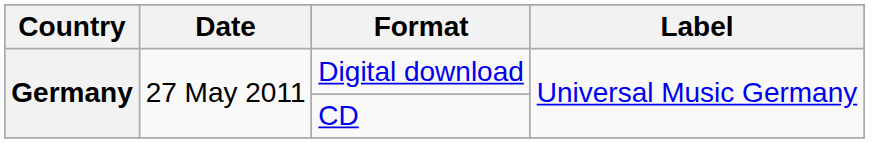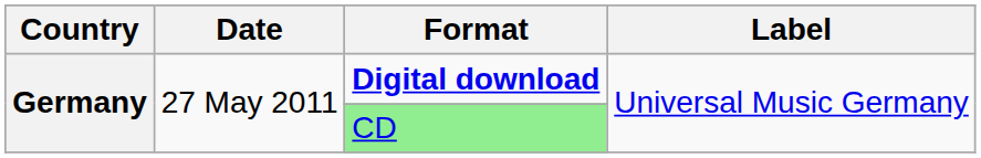 <table class="wikitable plainrowheaders">
 <tr>
 <th scope="col">Country</th>
 <th scope="col">Date</th>
 <th scope="col">Format</th>
 <th scope="col">Label</th>
 </tr>
 <tr>
 <th scope="row" rowspan="2">Germany</th>
 <td rowspan="2">27 May 2011</td>
-<td><a href='#'>Digital download</a></td>
+<td><strong><a href='#'>Digital download</a></strong></td>
 <td rowspan="2"><a href='#'>Universal Music Germany</a></td>
 </tr>
 <tr>
-<td><a href='#'>CD</a></td>
+<td style="background: lightgreen;"><a href='#'>CD</a></td>
 </tr>
 </table>
